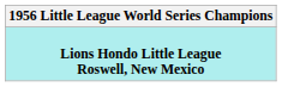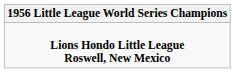 <table class="wikitable" style="text-align: center; margin: 0 auto;">
 <tr>
 <th>1956 Little League World Series Champions</th>
 </tr>
 <tr>
-<td style="background: paleturquoise;"><br><strong>Lions Hondo Little League</strong><br><strong>Roswell, New Mexico</strong></td>
+<td><br><strong>Lions Hondo Little League</strong><br><strong>Roswell, New Mexico</strong></td>
 </tr>
 </table>
